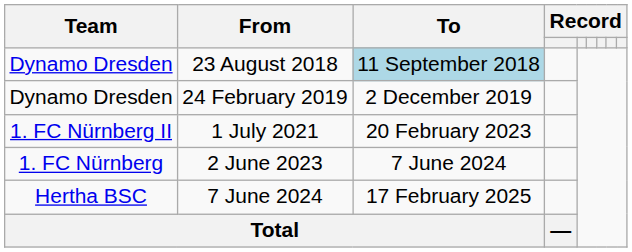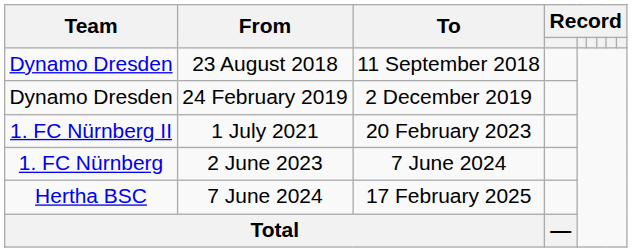 <table class="wikitable" style="text-align: center">
 <tr>
 <th rowspan="2">Team</th>
 <th rowspan="2">From</th>
 <th rowspan="2">To</th>
 <th colspan="6">Record</th>
 </tr>
 <tr>
 <th></th>
 <th></th>
 <th></th>
 <th></th>
 <th></th>
 <th></th>
 </tr>
 <tr>
 <td><a href='#'>Dynamo Dresden</a></td>
 <td>23 August 2018</td>
-<td style="background: lightblue;">11 September 2018<br></td>
+<td>11 September 2018<br></td>
 <td></td>
 </tr>
 <tr>
 <td>Dynamo Dresden</td>
 <td>24 February 2019</td>
 <td>2 December 2019<br></td>
 <td></td>
 </tr>
 <tr>
 <td><a href='#'>1. FC Nürnberg II</a></td>
 <td>1 July 2021</td>
 <td>20 February 2023<br></td>
 <td></td>
 </tr>
 <tr>
 <td><a href='#'>1. FC Nürnberg</a></td>
 <td>2 June 2023</td>
 <td>7 June 2024<br></td>
 <td></td>
 </tr>
 <tr>
 <td><a href='#'>Hertha BSC</a></td>
 <td>7 June 2024</td>
 <td>17 February 2025<br></td>
 <td></td>
 </tr>
 <tr>
 <th colspan="3">Total<br></th>
 <th>—</th>
 </tr>
 </table>
